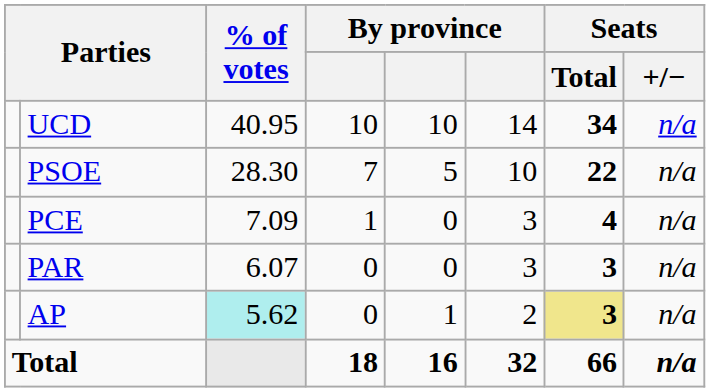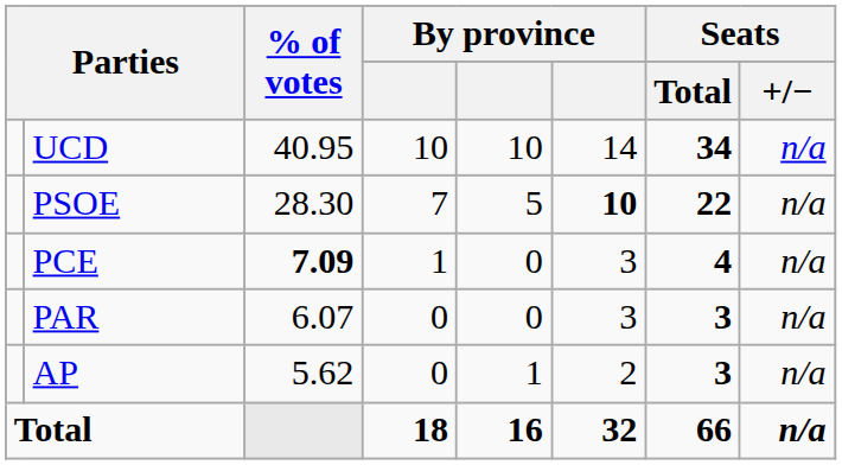 <table class="wikitable" style="text-align:right;">
 <tr>
 <th rowspan="2" colspan="2" width="100">Parties</th>
 <th rowspan="2" width="45"><a href='#'>% of<br>votes</a></th>
 <th colspan="3">By province</th>
 <th colspan="2">Seats</th>
 </tr>
 <tr>
 <th width="35"><a href='#'></a></th>
 <th width="35"><a href='#'></a></th>
 <th width="35"><a href='#'></a></th>
 <th width="35">Total</th>
 <th width="35">+/−</th>
 </tr>
 <tr>
 <td width="1" style="color:inherit;background:"></td>
 <td align="left"><a href='#'>UCD</a></td>
 <td>40.95</td>
 <td>10</td>
 <td>10</td>
 <td>14</td>
 <td><strong>34</strong></td>
 <td><em><a href='#'>n/a</a></em></td>
 </tr>
 <tr>
 <td style="color:inherit;background:"></td>
 <td align="left"><a href='#'>PSOE</a></td>
 <td>28.30</td>
 <td>7</td>
 <td>5</td>
-<td>10</td>
+<td><strong>10</strong></td>
 <td><strong>22</strong></td>
 <td><em>n/a</em></td>
 </tr>
 <tr>
 <td style="color:inherit;background:"></td>
 <td align="left"><a href='#'>PCE</a></td>
-<td>7.09</td>
+<td><strong>7.09</strong></td>
 <td>1</td>
 <td>0</td>
 <td>3</td>
 <td><strong>4</strong></td>
 <td><em>n/a</em></td>
 </tr>
 <tr>
 <td style="color:inherit;background:"></td>
 <td align="left"><a href='#'>PAR</a></td>
 <td>6.07</td>
 <td>0</td>
 <td>0</td>
 <td>3</td>
 <td><strong>3</strong></td>
 <td><em>n/a</em></td>
 </tr>
 <tr>
 <td style="color:inherit;background:"></td>
 <td align="left"><a href='#'>AP</a></td>
-<td style="background: paleturquoise;">5.62</td>
+<td>5.62</td>
 <td>0</td>
 <td>1</td>
 <td>2</td>
-<td style="background: khaki;"><strong>3</strong></td>
+<td><strong>3</strong></td>
 <td><em>n/a</em></td>
 </tr>
 <tr style="font-weight:bold;">
 <td align="left" colspan="2">Total</td>
 <td style="color:inherit;background:#E9E9E9"></td>
 <td>18</td>
 <td>16</td>
 <td>32</td>
 <td>66</td>
 <td><em>n/a</em></td>
 </tr>
 </table>
